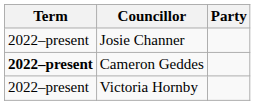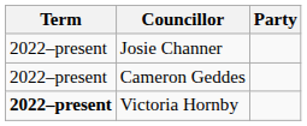 <table class="wikitable">
 <tr>
 <th>Term</th>
 <th>Councillor</th>
 <th colspan=2>Party</th>
 </tr>
 <tr>
 <td>2022–present</td>
 <td>Josie Channer</td>
 <td></td>
 </tr>
 <tr>
-<td><strong>2022–present</strong></td>
+<td>2022–present</td>
 <td>Cameron Geddes</td>
 <td></td>
 </tr>
 <tr>
-<td>2022–present</td>
+<td><strong>2022–present</strong></td>
 <td>Victoria Hornby</td>
 <td></td>
 </tr>
 </table>
